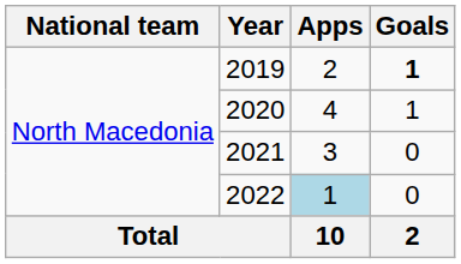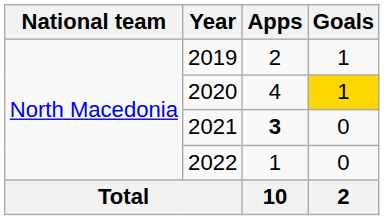 <table class="wikitable" style="text-align:center">
 <tr>
 <th>National team</th>
 <th>Year</th>
 <th>Apps</th>
 <th>Goals</th>
 </tr>
 <tr>
 <td rowspan="4"><a href='#'>North Macedonia</a></td>
 <td>2019</td>
 <td>2</td>
-<td><strong>1</strong></td>
+<td>1</td>
 </tr>
 <tr>
 <td>2020</td>
 <td>4</td>
-<td>1</td>
+<td style="background: gold;">1</td>
 </tr>
 <tr>
 <td>2021</td>
-<td>3</td>
+<td><strong>3</strong></td>
 <td>0</td>
 </tr>
 <tr>
 <td>2022</td>
-<td style="background: lightblue;">1</td>
+<td>1</td>
 <td>0</td>
 </tr>
 <tr>
 <th colspan="2">Total</th>
 <th>10</th>
 <th>2</th>
 </tr>
 </table>
